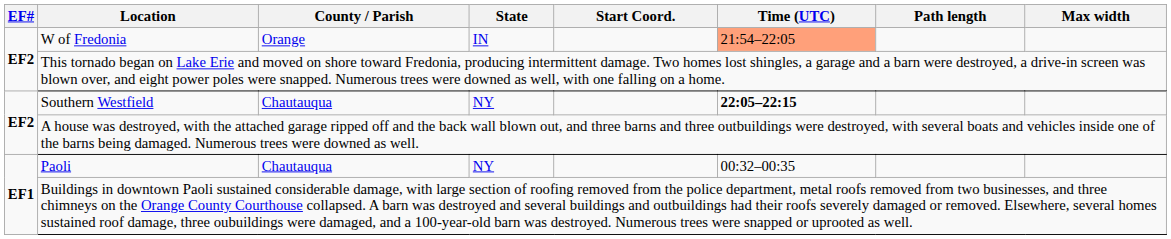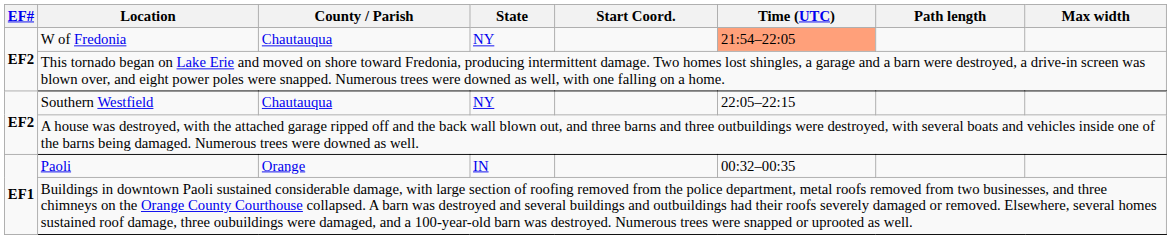 <table class="wikitable sortable" style="width:100%;">
 <tr>
 <th scope="col" width="2%" align="center"><a href='#'>EF#</a></th>
 <th scope="col" align="center" class="unsortable">Location</th>
 <th scope="col" align="center" class="unsortable">County / Parish</th>
 <th scope="col" align="center">State</th>
 <th scope="col" align="center" data-sort-type="number">Start Coord.</th>
 <th scope="col" align="center" data-sort-type="number">Time (<a href='#'>UTC</a>)</th>
 <th scope="col" align="center" data-sort-type="number">Path length</th>
 <th scope="col" align="center" data-sort-type="number">Max width</th>
 </tr>
 <tr>
 <td rowspan="2" align="center"><strong>EF2</strong></td>
 <td>W of <a href='#'>Fredonia</a></td>
-<td><a href='#'>Orange</a></td>
-<td><a href='#'>IN</a></td>
+<td><a href='#'>Chautauqua</a></td>
+<td><a href='#'>NY</a></td>
 <td></td>
 <td style="background: lightsalmon;">21:54–22:05</td>
 <td></td>
 <td></td>
 </tr>
 <tr class="expand-child">
 <td colspan="7" style=" border-bottom: 1px solid black;">This tornado began on <a href='#'>Lake Erie</a> and moved on shore toward Fredonia, producing intermittent damage. Two homes lost shingles, a garage and a barn were destroyed, a drive-in screen was blown over, and eight power poles were snapped. Numerous trees were downed as well, with one falling on a home.</td>
 </tr>
 <tr>
 <td rowspan="2" align="center"><strong>EF2</strong></td>
 <td>Southern <a href='#'>Westfield</a></td>
 <td><a href='#'>Chautauqua</a></td>
 <td><a href='#'>NY</a></td>
 <td></td>
-<td><strong>22:05–22:15</strong></td>
+<td>22:05–22:15</td>
 <td></td>
 <td></td>
 </tr>
 <tr class="expand-child">
 <td colspan="7" style=" border-bottom: 1px solid black;">A house was destroyed, with the attached garage ripped off and the back wall blown out, and three barns and three outbuildings were destroyed, with several boats and vehicles inside one of the barns being damaged. Numerous trees were downed as well.</td>
 </tr>
 <tr>
 <td rowspan="2" align="center"><strong>EF1</strong></td>
 <td><a href='#'>Paoli</a></td>
-<td><a href='#'>Chautauqua</a></td>
-<td><a href='#'>NY</a></td>
+<td><a href='#'>Orange</a></td>
+<td><a href='#'>IN</a></td>
 <td></td>
 <td>00:32–00:35</td>
 <td></td>
 <td></td>
 </tr>
 <tr class="expand-child">
 <td colspan="7" style=" border-bottom: 1px solid black;">Buildings in downtown Paoli sustained considerable damage, with large section of roofing removed from the police department, metal roofs removed from two businesses, and three chimneys on the <a href='#'>Orange County Courthouse</a> collapsed. A barn was destroyed and several buildings and outbuildings had their roofs severely damaged or removed. Elsewhere, several homes sustained roof damage, three oubuildings were damaged, and a 100-year-old barn was destroyed. Numerous trees were snapped or uprooted as well.</td>
 </tr>
 </table>
